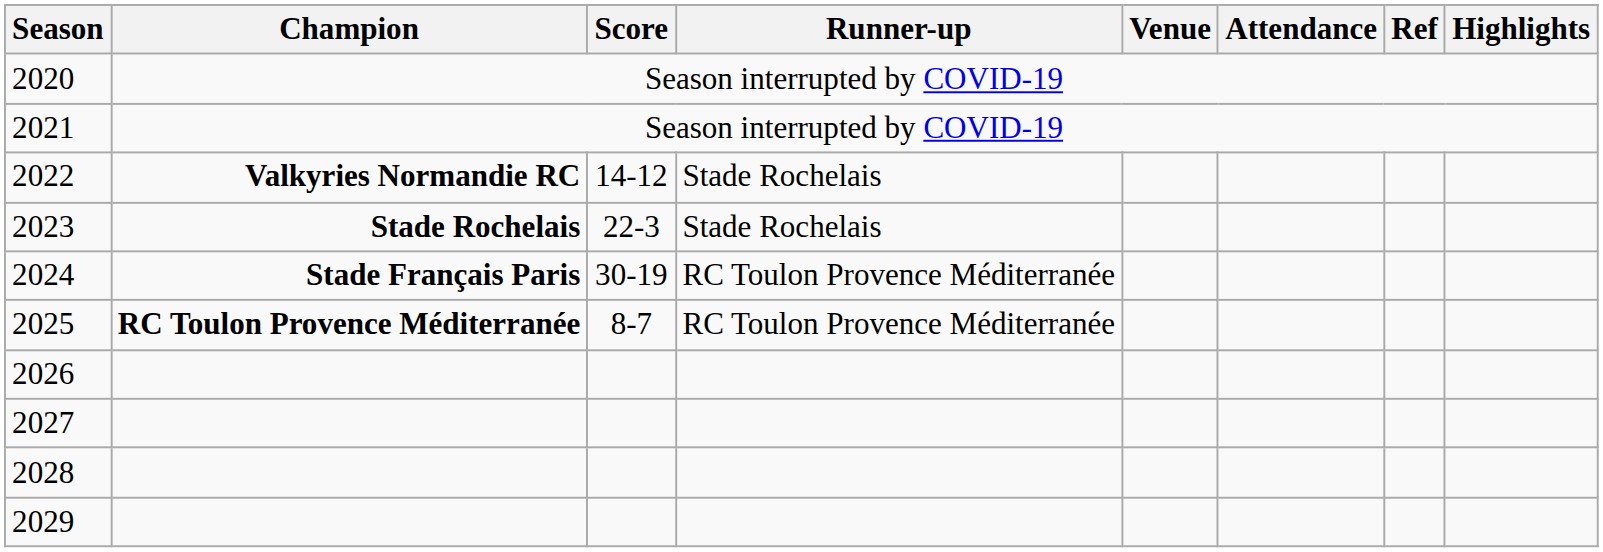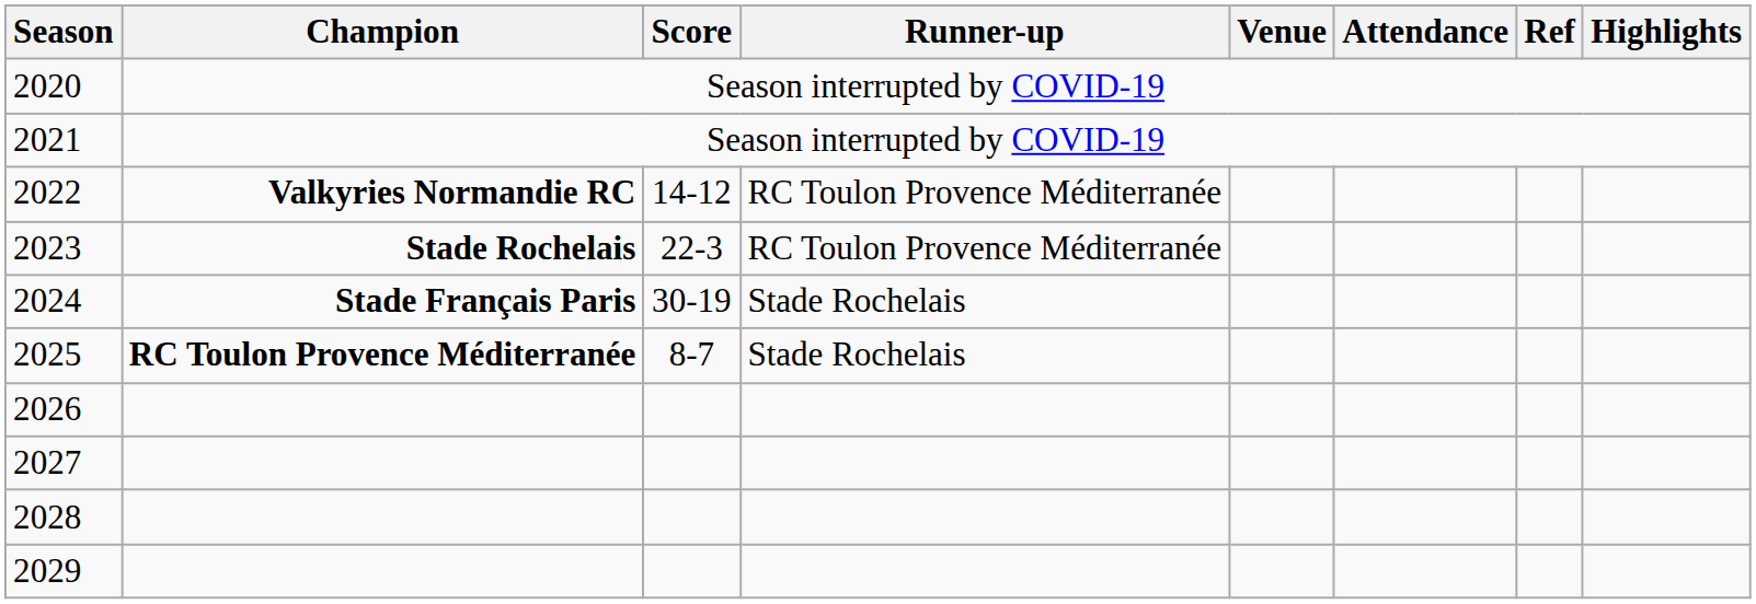 <table class="wikitable">
 <tr>
 <th>Season</th>
 <th> Champion</th>
 <th>Score</th>
 <th> Runner-up</th>
 <th>Venue</th>
 <th>Attendance</th>
 <th>Ref</th>
 <th>Highlights</th>
 </tr>
 <tr>
 <td>2020</td>
 <td align=center colspan="7">Season interrupted by <a href='#'>COVID-19</a></td>
 </tr>
 <tr>
 <td>2021</td>
 <td align=center colspan="7">Season interrupted by <a href='#'>COVID-19</a></td>
 </tr>
 <tr>
 <td>2022</td>
 <td style="text-align:right;"><strong>Valkyries Normandie RC</strong></td>
 <td style="text-align:center;">14-12</td>
-<td style="text-align:left;">Stade Rochelais</td>
+<td style="text-align:left;">RC Toulon Provence Méditerranée</td>
 <td></td>
 <td></td>
 <td></td>
 <td></td>
 </tr>
 <tr>
 <td>2023</td>
 <td style="text-align:right;"><strong>Stade Rochelais</strong></td>
 <td style="text-align:center;">22-3</td>
-<td style="text-align:left;">Stade Rochelais</td>
+<td style="text-align:left;">RC Toulon Provence Méditerranée</td>
 <td></td>
 <td></td>
 <td></td>
 <td></td>
 </tr>
 <tr>
 <td>2024</td>
 <td style="text-align:right;"><strong>Stade Français Paris</strong></td>
 <td style="text-align:center;">30-19</td>
-<td style="text-align:left;">RC Toulon Provence Méditerranée</td>
+<td style="text-align:left;">Stade Rochelais</td>
 <td></td>
 <td></td>
 <td></td>
 <td></td>
 </tr>
 <tr>
 <td>2025</td>
 <td style="text-align:right;"><strong>RC Toulon Provence Méditerranée</strong></td>
 <td style="text-align:center;">8-7</td>
-<td style="text-align:left;">RC Toulon Provence Méditerranée</td>
+<td style="text-align:left;">Stade Rochelais</td>
 <td></td>
 <td></td>
 <td></td>
 <td></td>
 </tr>
 <tr>
 <td>2026</td>
 <td align="right"></td>
 <td></td>
 <td align="left"></td>
 <td></td>
 <td></td>
 <td></td>
 <td></td>
 </tr>
 <tr>
 <td>2027</td>
 <td align="right"></td>
 <td></td>
 <td align="left"></td>
 <td></td>
 <td></td>
 <td></td>
 <td></td>
 </tr>
 <tr>
 <td>2028</td>
 <td align="right"></td>
 <td></td>
 <td align="left"></td>
 <td></td>
 <td></td>
 <td></td>
 <td></td>
 </tr>
 <tr>
 <td>2029</td>
 <td align="right"></td>
 <td></td>
 <td align="left"></td>
 <td></td>
 <td></td>
 <td></td>
 <td></td>
 </tr>
 </table>
